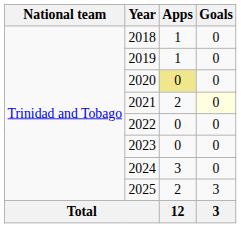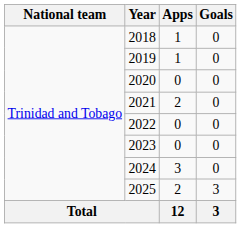 <table class="wikitable" style="text-align:center">
 <tr>
 <th>National team</th>
 <th>Year</th>
 <th>Apps</th>
 <th>Goals</th>
 </tr>
 <tr>
 <td rowspan="8"><a href='#'>Trinidad and Tobago</a></td>
 <td>2018</td>
 <td>1</td>
 <td>0</td>
 </tr>
 <tr>
 <td>2019</td>
 <td>1</td>
 <td>0</td>
 </tr>
 <tr>
 <td>2020</td>
-<td style="background: khaki;">0</td>
+<td>0</td>
 <td>0</td>
 </tr>
 <tr>
 <td>2021</td>
 <td>2</td>
-<td style="background: lightyellow;">0</td>
+<td>0</td>
 </tr>
 <tr>
 <td>2022</td>
 <td>0</td>
 <td>0</td>
 </tr>
 <tr>
 <td>2023</td>
 <td>0</td>
 <td>0</td>
 </tr>
 <tr>
 <td>2024</td>
 <td>3</td>
 <td>0</td>
 </tr>
 <tr>
 <td>2025</td>
 <td>2</td>
 <td>3</td>
 </tr>
 <tr>
 <th colspan=2>Total</th>
 <th>12</th>
 <th>3</th>
 </tr>
 </table>
